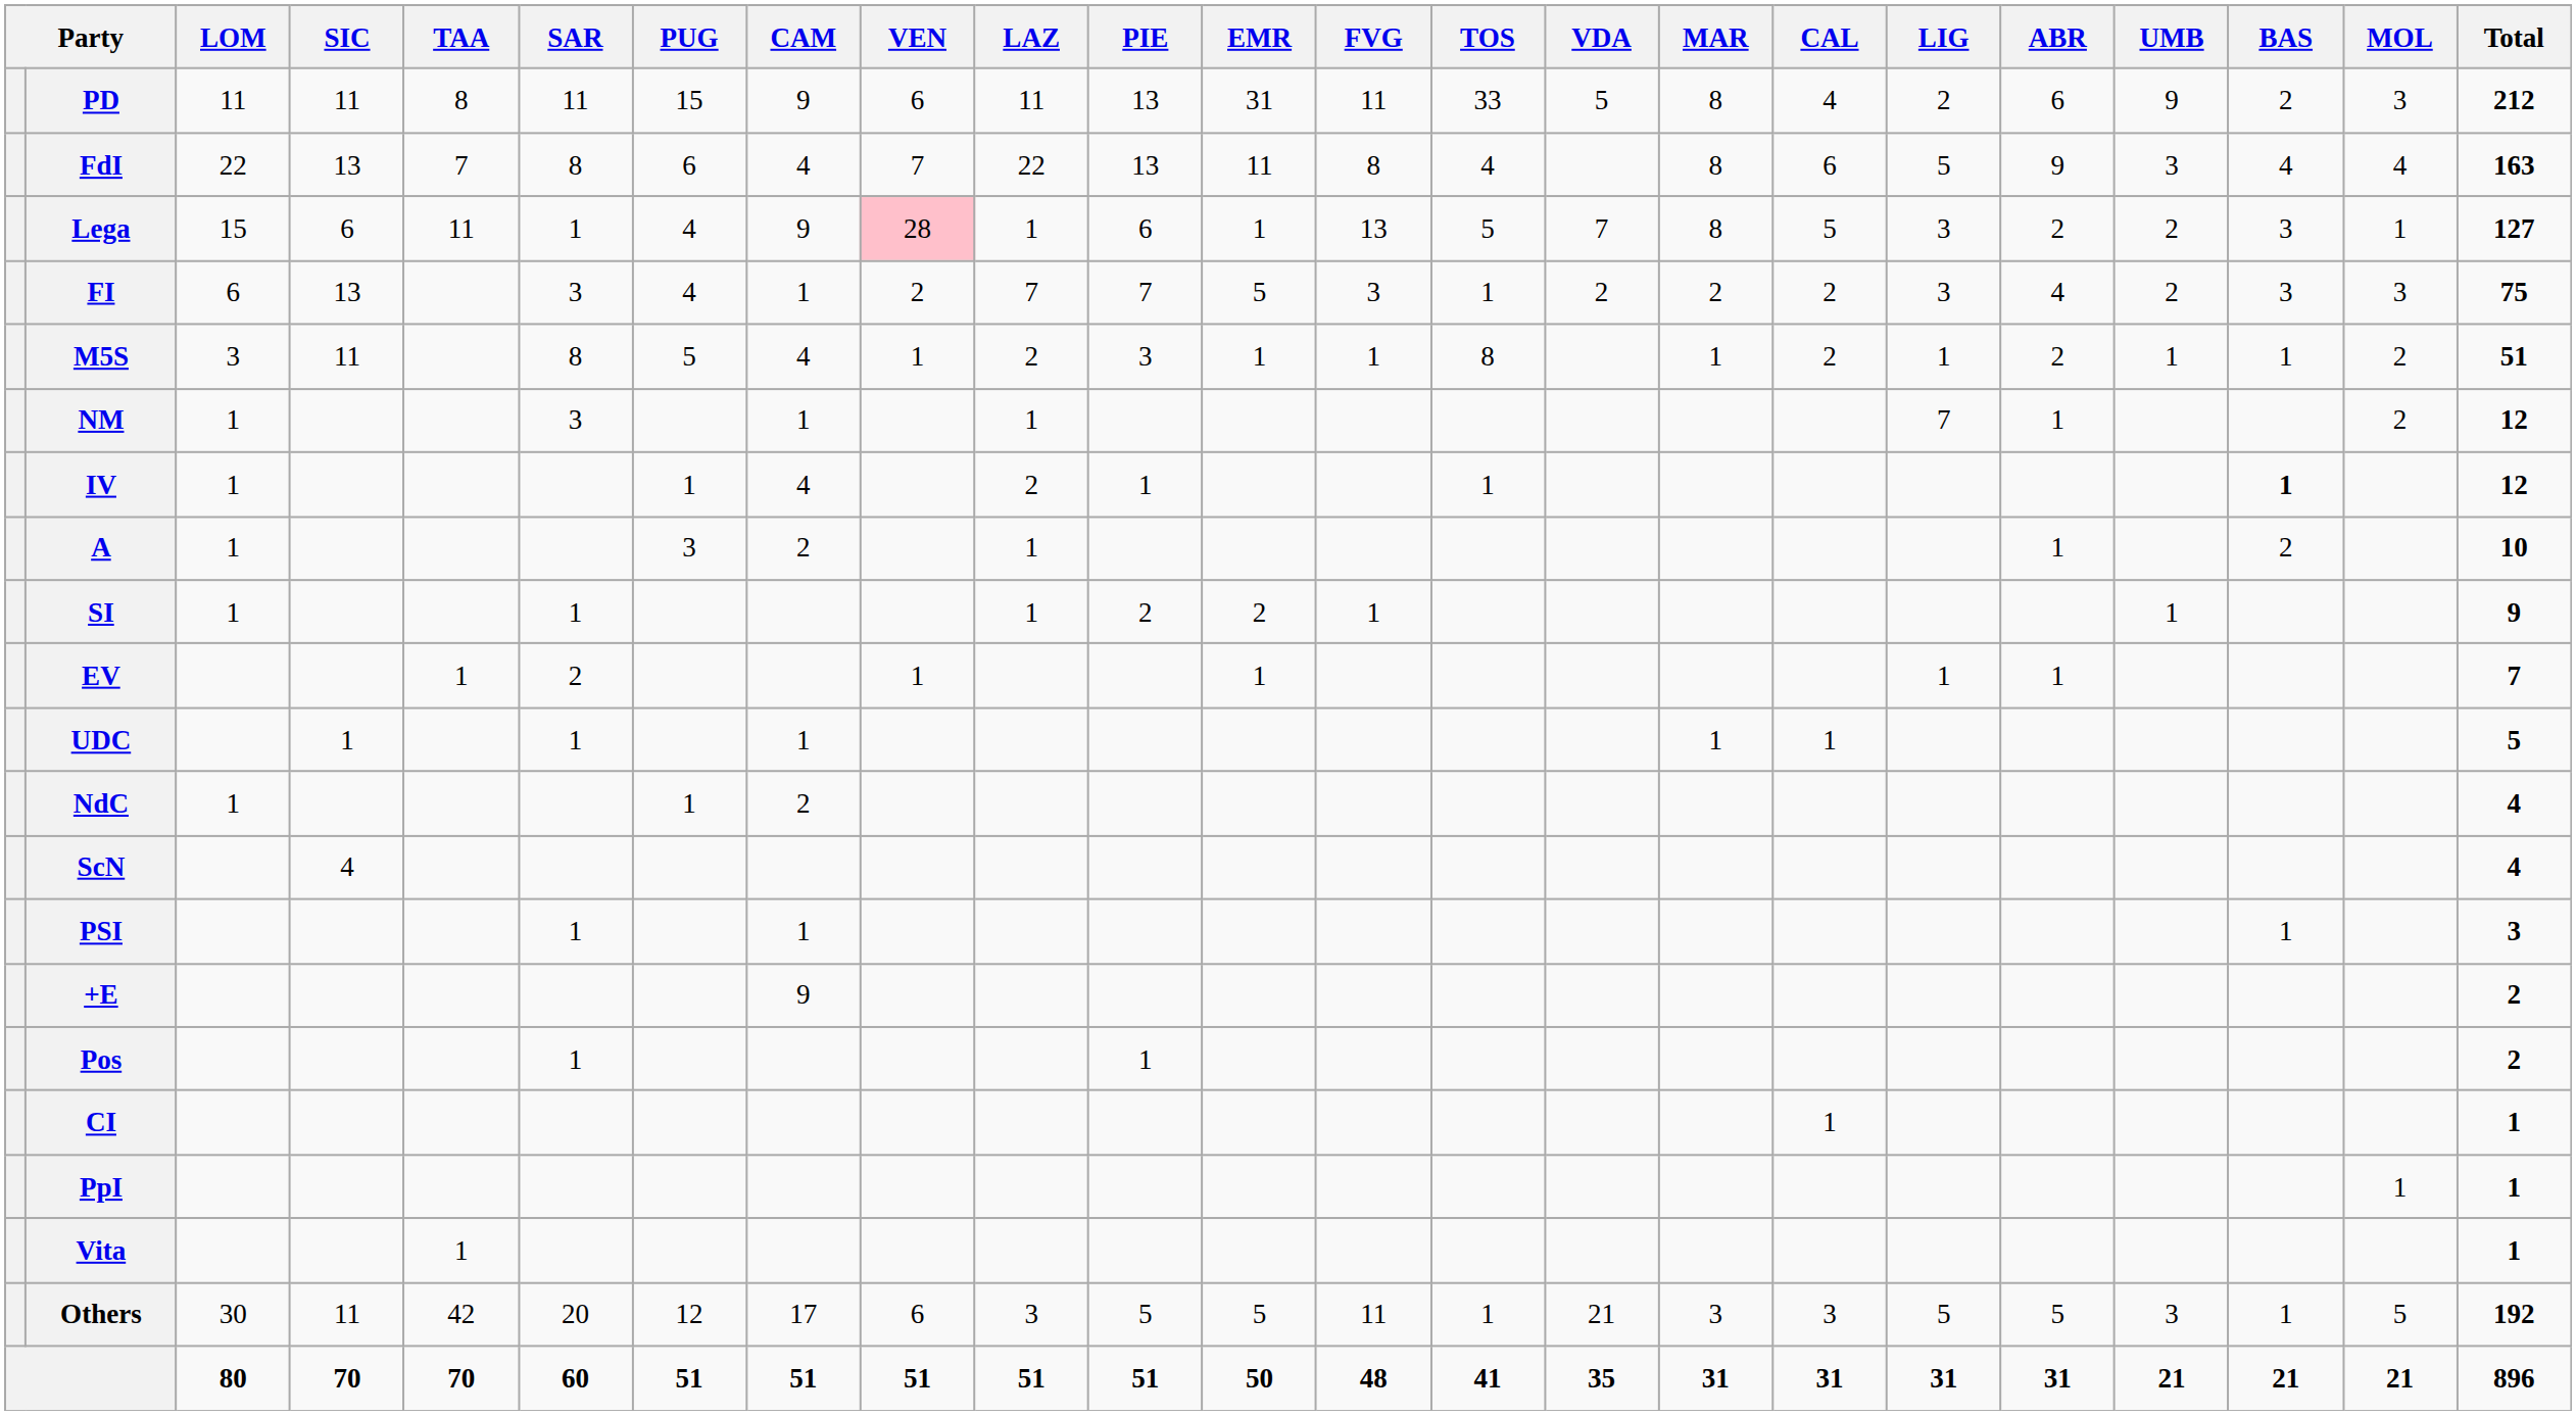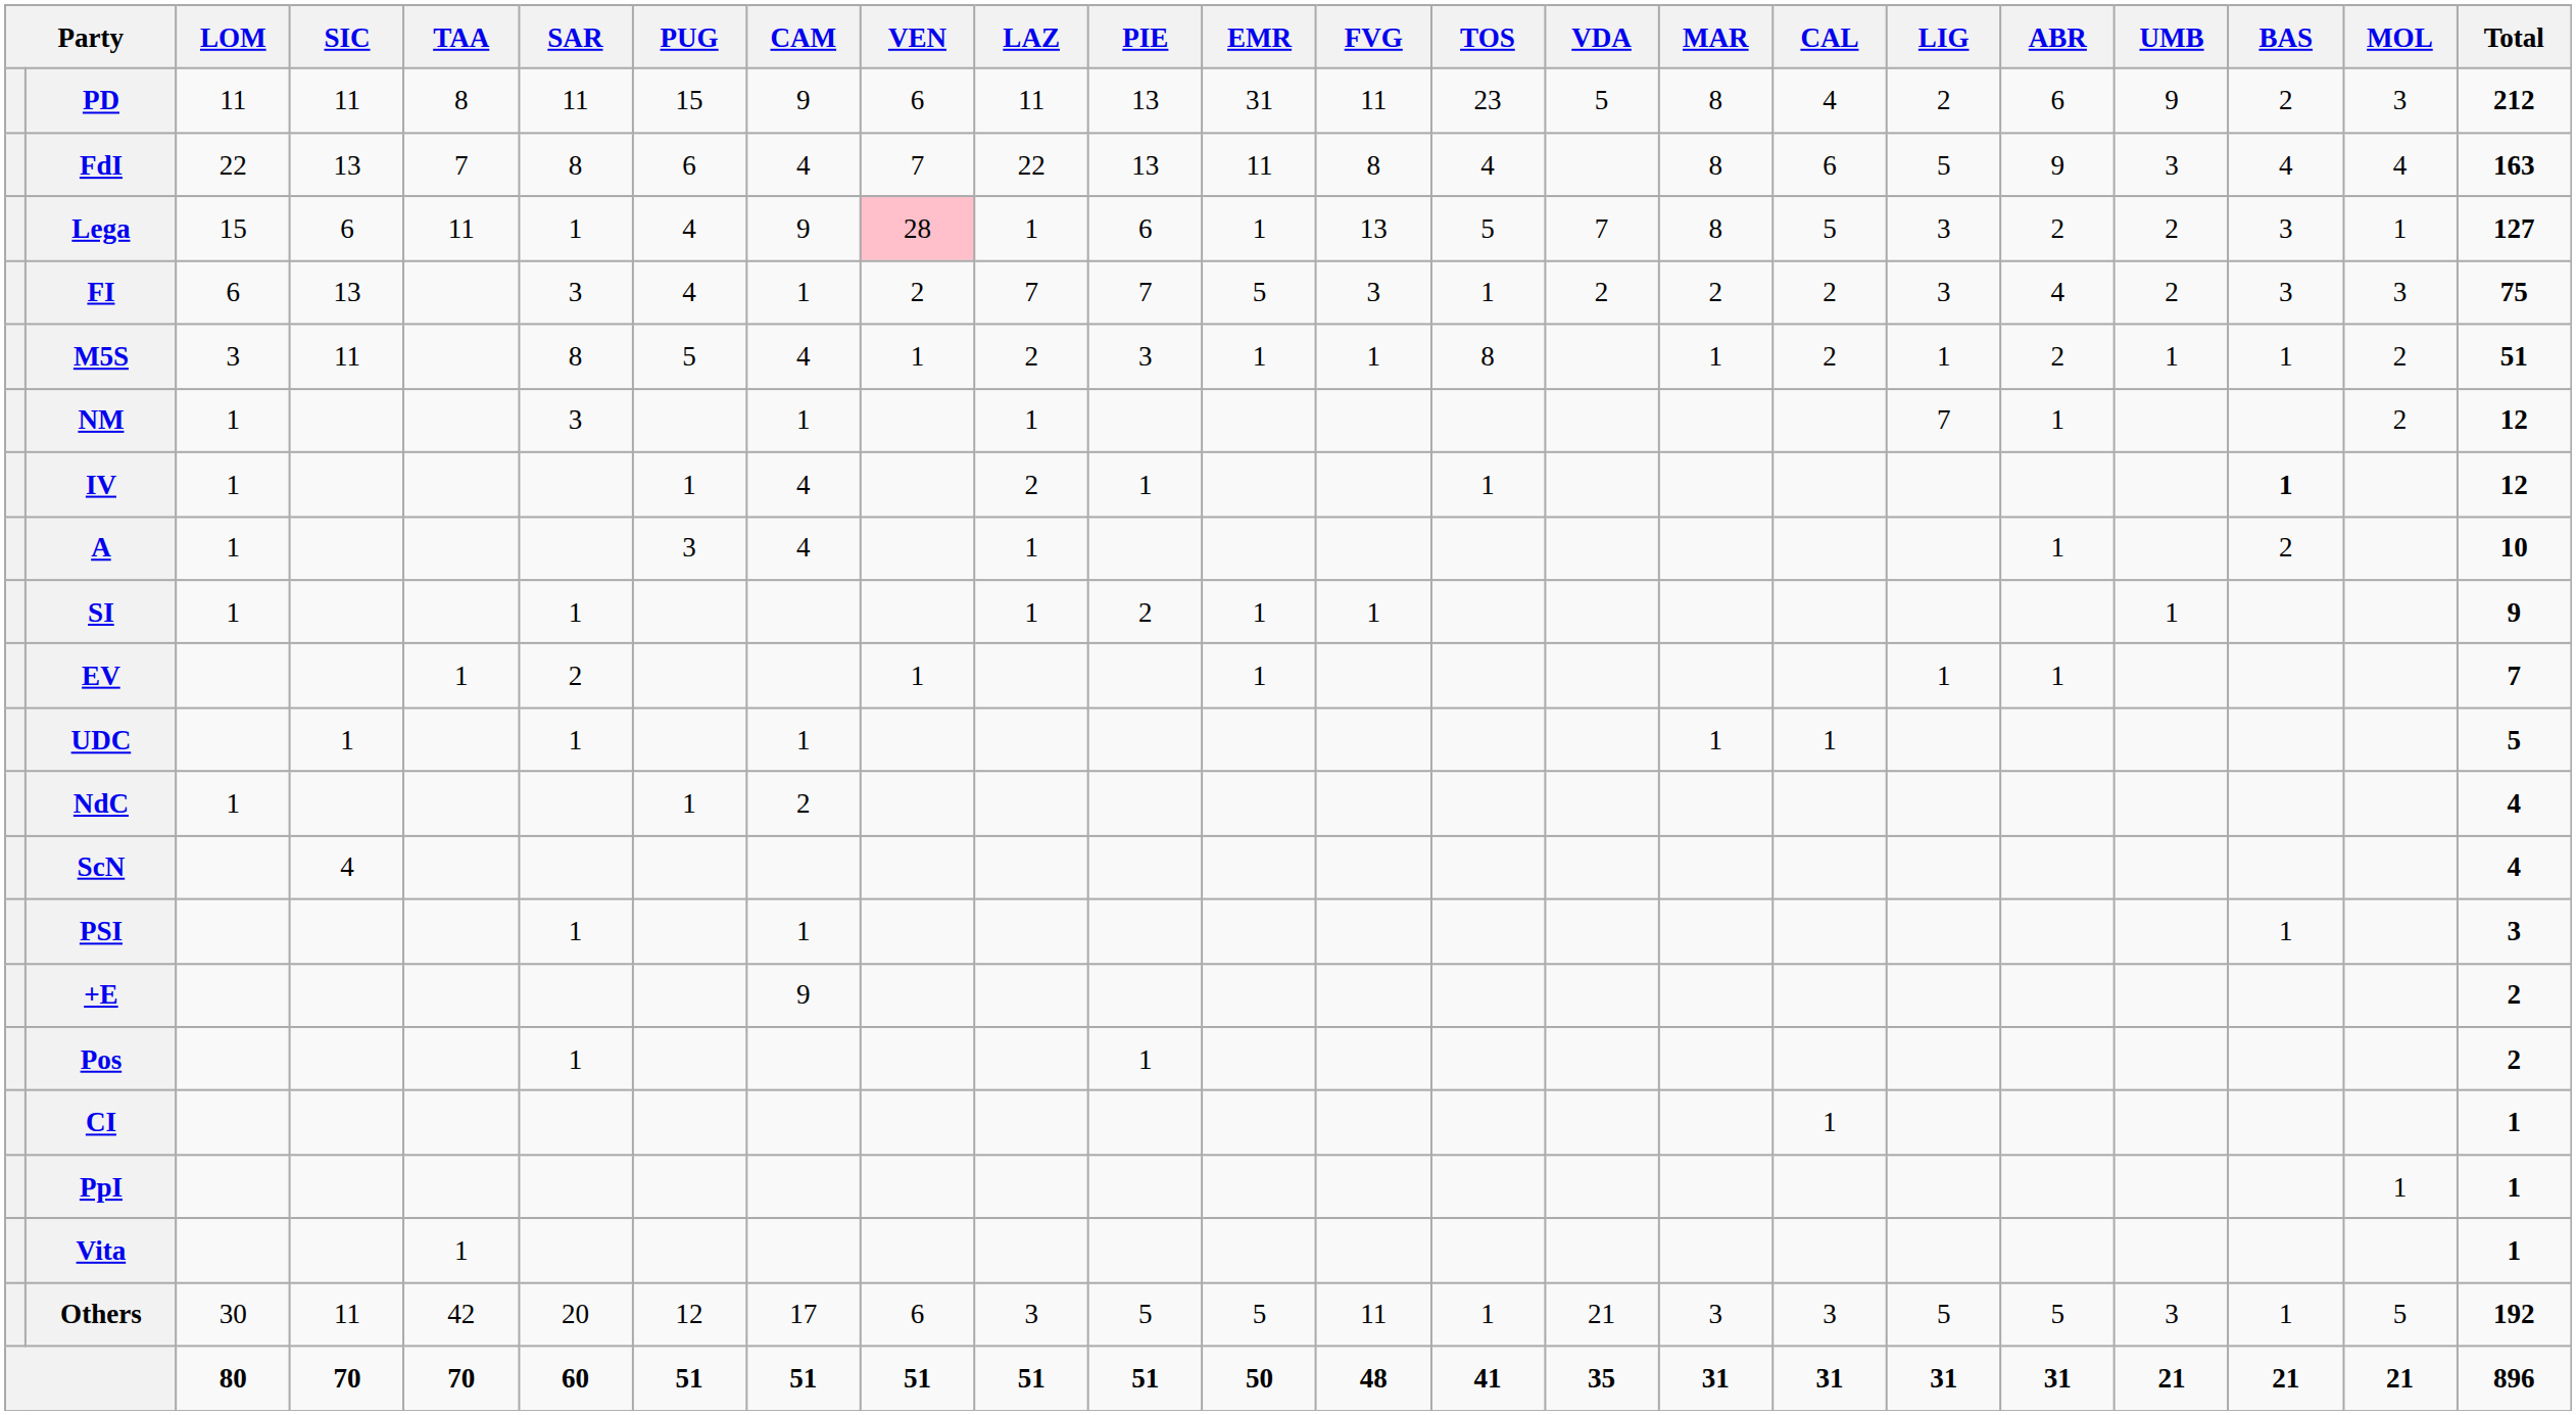 <table class="wikitable" style="width:100%; text-align:center; font-size:85%; line-height:25px;">
 <tr>
 <th style="width:6%" colspan=2>Party</th>
 <th style="width:4%"><a href='#'>LOM</a><br></th>
 <th style="width:4%"><a href='#'>SIC</a><br></th>
 <th style="width:4%"><a href='#'>TAA</a><br></th>
 <th style="width:4%"><a href='#'>SAR</a><br></th>
 <th style="width:4%"><a href='#'>PUG</a><br></th>
 <th style="width:4%"><a href='#'>CAM</a><br></th>
 <th style="width:4%"><a href='#'>VEN</a><br></th>
 <th style="width:4%"><a href='#'>LAZ</a><br></th>
 <th style="width:4%"><a href='#'>PIE</a><br></th>
 <th style="width:4%"><a href='#'>EMR</a><br></th>
 <th style="width:4%"><a href='#'>FVG</a><br></th>
 <th style="width:4%"><a href='#'>TOS</a><br></th>
 <th style="width:4%"><a href='#'>VDA</a><br></th>
 <th style="width:4%"><a href='#'>MAR</a><br></th>
 <th style="width:4%"><a href='#'>CAL</a><br></th>
 <th style="width:4%"><a href='#'>LIG</a><br></th>
 <th style="width:4%"><a href='#'>ABR</a><br></th>
 <th style="width:4%"><a href='#'>UMB</a><br></th>
 <th style="width:4%"><a href='#'>BAS</a><br></th>
 <th style="width:4%"><a href='#'>MOL</a><br></th>
 <th style="width:4%">Total</th>
 </tr>
 <tr>
 <th style="background: "></th>
 <th><a href='#'>PD</a></th>
 <td>11</td>
 <td>11</td>
 <td>8</td>
 <td>11</td>
 <td>15</td>
 <td>9</td>
 <td>6</td>
 <td>11</td>
 <td>13</td>
 <td>31</td>
 <td>11</td>
-<td>33</td>
+<td>23</td>
 <td>5</td>
 <td>8</td>
 <td>4</td>
 <td>2</td>
 <td>6</td>
 <td>9</td>
 <td>2</td>
 <td>3</td>
 <td><strong>212</strong></td>
 </tr>
 <tr>
 <th style="background: "></th>
 <th><a href='#'>FdI</a></th>
 <td>22</td>
 <td>13</td>
 <td>7</td>
 <td>8</td>
 <td>6</td>
 <td>4</td>
 <td>7</td>
 <td>22</td>
 <td>13</td>
 <td>11</td>
 <td>8</td>
 <td>4</td>
 <td></td>
 <td>8</td>
 <td>6</td>
 <td>5</td>
 <td>9</td>
 <td>3</td>
 <td>4</td>
 <td>4</td>
 <td><strong>163</strong></td>
 </tr>
 <tr>
 <th style="background: "></th>
 <th><a href='#'>Lega</a></th>
 <td>15</td>
 <td>6</td>
 <td>11</td>
 <td>1</td>
 <td>4</td>
 <td>9</td>
 <td style="background: pink;">28</td>
 <td>1</td>
 <td>6</td>
 <td>1</td>
 <td>13</td>
 <td>5</td>
 <td>7</td>
 <td>8</td>
 <td>5</td>
 <td>3</td>
 <td>2</td>
 <td>2</td>
 <td>3</td>
 <td>1</td>
 <td><strong>127</strong></td>
 </tr>
 <tr>
 <th style="background: "></th>
 <th><a href='#'>FI</a></th>
 <td>6</td>
 <td>13</td>
 <td></td>
 <td>3</td>
 <td>4</td>
 <td>1</td>
 <td>2</td>
 <td>7</td>
 <td>7</td>
 <td>5</td>
 <td>3</td>
 <td>1</td>
 <td>2</td>
 <td>2</td>
 <td>2</td>
 <td>3</td>
 <td>4</td>
 <td>2</td>
 <td>3</td>
 <td>3</td>
 <td><strong>75</strong></td>
 </tr>
 <tr>
 <th style="background: "></th>
 <th><a href='#'>M5S</a></th>
 <td>3</td>
 <td>11</td>
 <td></td>
 <td>8</td>
 <td>5</td>
 <td>4</td>
 <td>1</td>
 <td>2</td>
 <td>3</td>
 <td>1</td>
 <td>1</td>
 <td>8</td>
 <td></td>
 <td>1</td>
 <td>2</td>
 <td>1</td>
 <td>2</td>
 <td>1</td>
 <td>1</td>
 <td>2</td>
 <td><strong>51</strong></td>
 </tr>
 <tr>
 <th style="background: "></th>
 <th><a href='#'>NM</a></th>
 <td>1</td>
 <td></td>
 <td></td>
 <td>3</td>
 <td></td>
 <td>1</td>
 <td></td>
 <td>1</td>
 <td></td>
 <td></td>
 <td></td>
 <td></td>
 <td></td>
 <td></td>
 <td></td>
 <td>7</td>
 <td>1</td>
 <td></td>
 <td></td>
 <td>2</td>
 <td><strong>12</strong></td>
 </tr>
 <tr>
 <th style="background: "></th>
 <th><a href='#'>IV</a></th>
 <td>1</td>
 <td></td>
 <td></td>
 <td></td>
 <td>1</td>
 <td>4</td>
 <td></td>
 <td>2</td>
 <td>1</td>
 <td></td>
 <td></td>
 <td>1</td>
 <td></td>
 <td></td>
 <td></td>
 <td></td>
 <td></td>
 <td></td>
 <td><strong>1</strong></td>
 <td></td>
 <td><strong>12</strong></td>
 </tr>
 <tr>
 <th style="background: "></th>
 <th><a href='#'>A</a></th>
 <td>1</td>
 <td></td>
 <td></td>
 <td></td>
 <td>3</td>
-<td>2</td>
+<td>4</td>
 <td></td>
 <td>1</td>
 <td></td>
 <td></td>
 <td></td>
 <td></td>
 <td></td>
 <td></td>
 <td></td>
 <td></td>
 <td>1</td>
 <td></td>
 <td>2</td>
 <td></td>
 <td><strong>10</strong></td>
 </tr>
 <tr>
 <th style="background: "></th>
 <th><a href='#'>SI</a></th>
 <td>1</td>
 <td></td>
 <td></td>
 <td>1</td>
 <td></td>
 <td></td>
 <td></td>
 <td>1</td>
 <td>2</td>
-<td>2</td>
+<td>1</td>
 <td>1</td>
 <td></td>
 <td></td>
 <td></td>
 <td></td>
 <td></td>
 <td></td>
 <td>1</td>
 <td></td>
 <td></td>
 <td><strong>9</strong></td>
 </tr>
 <tr>
 <th style="background: "></th>
 <th><a href='#'>EV</a></th>
 <td></td>
 <td></td>
 <td>1</td>
 <td>2</td>
 <td></td>
 <td></td>
 <td>1</td>
 <td></td>
 <td></td>
 <td>1</td>
 <td></td>
 <td></td>
 <td></td>
 <td></td>
 <td></td>
 <td>1</td>
 <td>1</td>
 <td></td>
 <td></td>
 <td></td>
 <td><strong>7</strong></td>
 </tr>
 <tr>
 <th style="background: "></th>
 <th><a href='#'>UDC</a></th>
 <td></td>
 <td>1</td>
 <td></td>
 <td>1</td>
 <td></td>
 <td>1</td>
 <td></td>
 <td></td>
 <td></td>
 <td></td>
 <td></td>
 <td></td>
 <td></td>
 <td>1</td>
 <td>1</td>
 <td></td>
 <td></td>
 <td></td>
 <td></td>
 <td></td>
 <td><strong>5</strong></td>
 </tr>
 <tr>
 <th style="background: "></th>
 <th><a href='#'>NdC</a></th>
 <td>1</td>
 <td></td>
 <td></td>
 <td></td>
 <td>1</td>
 <td>2</td>
 <td></td>
 <td></td>
 <td></td>
 <td></td>
 <td></td>
 <td></td>
 <td></td>
 <td></td>
 <td></td>
 <td></td>
 <td></td>
 <td></td>
 <td></td>
 <td></td>
 <td><strong>4</strong></td>
 </tr>
 <tr>
 <th style="background: "></th>
 <th><a href='#'>ScN</a></th>
 <td></td>
 <td>4</td>
 <td></td>
 <td></td>
 <td></td>
 <td></td>
 <td></td>
 <td></td>
 <td></td>
 <td></td>
 <td></td>
 <td></td>
 <td></td>
 <td></td>
 <td></td>
 <td></td>
 <td></td>
 <td></td>
 <td></td>
 <td></td>
 <td><strong>4</strong></td>
 </tr>
 <tr>
 <th style="background: "></th>
 <th><a href='#'>PSI</a></th>
 <td></td>
 <td></td>
 <td></td>
 <td>1</td>
 <td></td>
 <td>1</td>
 <td></td>
 <td></td>
 <td></td>
 <td></td>
 <td></td>
 <td></td>
 <td></td>
 <td></td>
 <td></td>
 <td></td>
 <td></td>
 <td></td>
 <td>1</td>
 <td></td>
 <td><strong>3</strong></td>
 </tr>
 <tr>
 <th style="background: "></th>
 <th><a href='#'>+E</a></th>
 <td></td>
 <td></td>
 <td></td>
 <td></td>
 <td></td>
 <td>9</td>
 <td></td>
 <td></td>
 <td></td>
 <td></td>
 <td></td>
 <td></td>
 <td></td>
 <td></td>
 <td></td>
 <td></td>
 <td></td>
 <td></td>
 <td></td>
 <td></td>
 <td><strong>2</strong></td>
 </tr>
 <tr>
 <th style="background: "></th>
 <th><a href='#'>Pos</a></th>
 <td></td>
 <td></td>
 <td></td>
 <td>1</td>
 <td></td>
 <td></td>
 <td></td>
 <td></td>
 <td>1</td>
 <td></td>
 <td></td>
 <td></td>
 <td></td>
 <td></td>
 <td></td>
 <td></td>
 <td></td>
 <td></td>
 <td></td>
 <td></td>
 <td><strong>2</strong></td>
 </tr>
 <tr>
 <th style="background: "></th>
 <th><a href='#'>CI</a></th>
 <td></td>
 <td></td>
 <td></td>
 <td></td>
 <td></td>
 <td></td>
 <td></td>
 <td></td>
 <td></td>
 <td></td>
 <td></td>
 <td></td>
 <td></td>
 <td></td>
 <td>1</td>
 <td></td>
 <td></td>
 <td></td>
 <td></td>
 <td></td>
 <td><strong>1</strong></td>
 </tr>
 <tr>
 <th style="background: "></th>
 <th><a href='#'>PpI</a></th>
 <td></td>
 <td></td>
 <td></td>
 <td></td>
 <td></td>
 <td></td>
 <td></td>
 <td></td>
 <td></td>
 <td></td>
 <td></td>
 <td></td>
 <td></td>
 <td></td>
 <td></td>
 <td></td>
 <td></td>
 <td></td>
 <td></td>
 <td>1</td>
 <td><strong>1</strong></td>
 </tr>
 <tr>
 <th style="background: "></th>
 <th><a href='#'>Vita</a></th>
 <td></td>
 <td></td>
 <td>1</td>
 <td></td>
 <td></td>
 <td></td>
 <td></td>
 <td></td>
 <td></td>
 <td></td>
 <td></td>
 <td></td>
 <td></td>
 <td></td>
 <td></td>
 <td></td>
 <td></td>
 <td></td>
 <td></td>
 <td></td>
 <td><strong>1</strong></td>
 </tr>
 <tr>
 <th style="background: "></th>
 <th>Others</th>
 <td>30</td>
 <td>11</td>
 <td>42</td>
 <td>20</td>
 <td>12</td>
 <td>17</td>
 <td>6</td>
 <td>3</td>
 <td>5</td>
 <td>5</td>
 <td>11</td>
 <td>1</td>
 <td>21</td>
 <td>3</td>
 <td>3</td>
 <td>5</td>
 <td>5</td>
 <td>3</td>
 <td>1</td>
 <td>5</td>
 <td><strong>192</strong></td>
 </tr>
 <tr>
 <th colspan=2></th>
 <td><strong>80</strong></td>
 <td><strong>70</strong></td>
 <td><strong>70</strong></td>
 <td><strong>60</strong></td>
 <td><strong>51</strong></td>
 <td><strong>51</strong></td>
 <td><strong>51</strong></td>
 <td><strong>51</strong></td>
 <td><strong>51</strong></td>
 <td><strong>50</strong></td>
 <td><strong>48</strong></td>
 <td><strong>41</strong></td>
 <td><strong>35</strong></td>
 <td><strong>31</strong></td>
 <td><strong>31</strong></td>
 <td><strong>31</strong></td>
 <td><strong>31</strong></td>
 <td><strong>21</strong></td>
 <td><strong>21</strong></td>
 <td><strong>21</strong></td>
 <td><strong>896</strong></td>
 </tr>
 </table>
